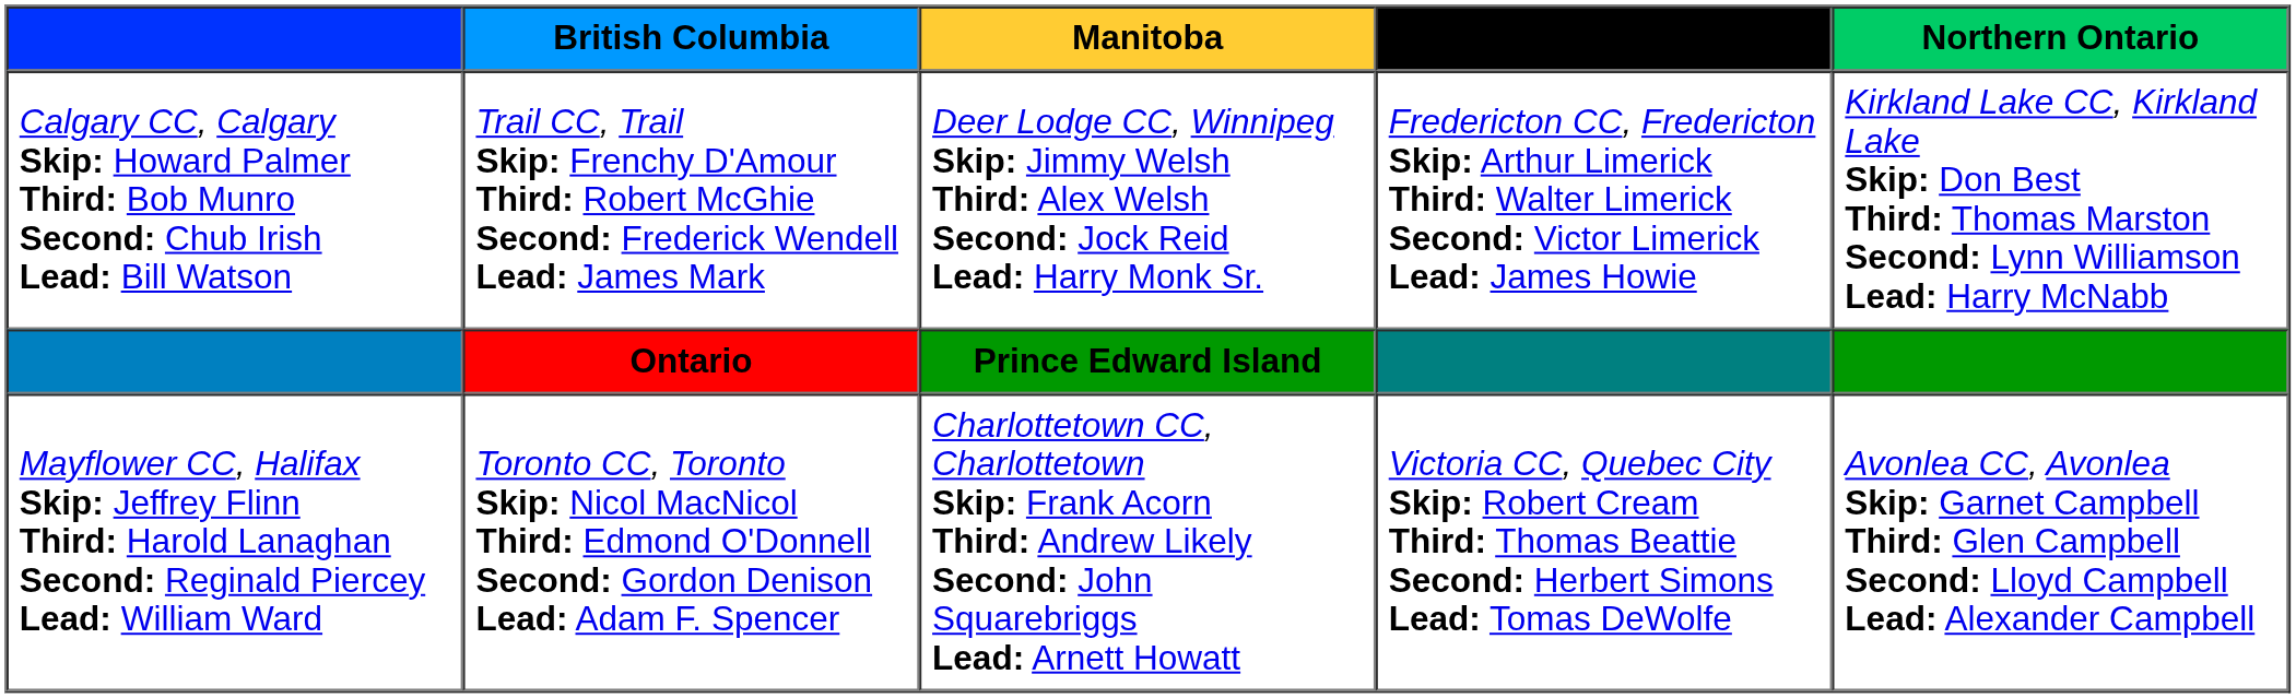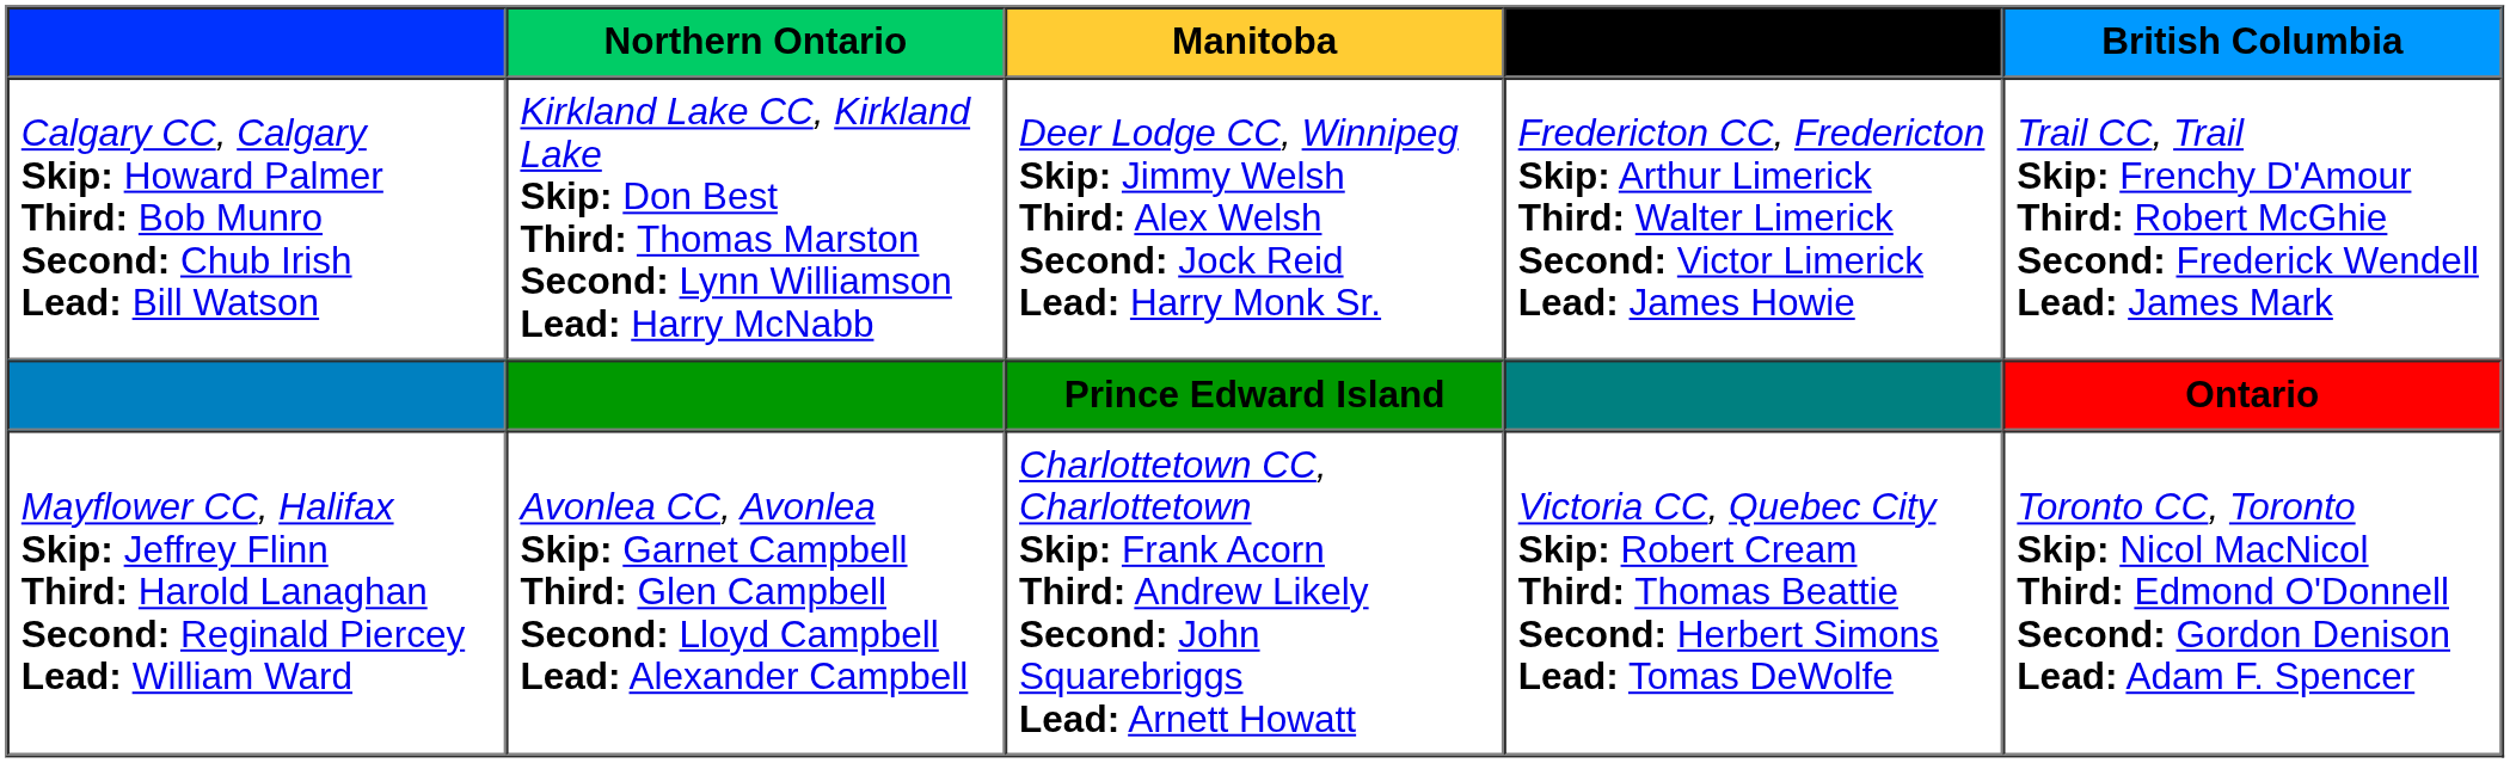 <table - border=1 cellpadding=5 cellspacing=0>
 <tr>
 <th bgcolor=#0033FF width=200></th>
-<th style="background:#09f; width:200px;">British Columbia</th>
+<th style="background:#0c6; width:200px;">Northern Ontario</th>
 <th style="background:#FFCC33; width:200px;">Manitoba</th>
 <th bgcolor=#000000 width=200></th>
-<th style="background:#0c6; width:200px;">Northern Ontario</th>
+<th style="background:#09f; width:200px;">British Columbia</th>
 </tr>
 <tr>
 <td><em><a href='#'>Calgary CC</a>, <a href='#'>Calgary</a></em><br><strong>Skip:</strong> <a href='#'>Howard Palmer</a><br> <strong>Third:</strong> <a href='#'>Bob Munro</a><br> <strong>Second:</strong> <a href='#'>Chub Irish</a><br> <strong>Lead:</strong> <a href='#'>Bill Watson</a></td>
-<td><em><a href='#'>Trail CC</a>, <a href='#'>Trail</a></em><br><strong>Skip:</strong> <a href='#'>Frenchy D'Amour</a><br> <strong>Third:</strong> <a href='#'>Robert McGhie</a><br> <strong>Second:</strong> <a href='#'>Frederick Wendell</a><br> <strong>Lead:</strong> <a href='#'>James Mark</a></td>
+<td><em><a href='#'>Kirkland Lake CC</a>, <a href='#'>Kirkland Lake</a></em><br><strong>Skip:</strong> <a href='#'>Don Best</a><br> <strong>Third:</strong> <a href='#'>Thomas Marston</a><br> <strong>Second:</strong> <a href='#'>Lynn Williamson</a><br> <strong>Lead:</strong> <a href='#'>Harry McNabb</a></td>
 <td><em><a href='#'>Deer Lodge CC</a>, <a href='#'>Winnipeg</a></em><br><strong>Skip:</strong> <a href='#'>Jimmy Welsh</a><br> <strong>Third:</strong> <a href='#'>Alex Welsh</a><br> <strong>Second:</strong> <a href='#'>Jock Reid</a><br> <strong>Lead:</strong> <a href='#'>Harry Monk Sr.</a></td>
 <td><em><a href='#'>Fredericton CC</a>, <a href='#'>Fredericton</a></em><br><strong>Skip:</strong> <a href='#'>Arthur Limerick</a><br> <strong>Third:</strong> <a href='#'>Walter Limerick</a><br> <strong>Second:</strong> <a href='#'>Victor Limerick</a><br> <strong>Lead:</strong> <a href='#'>James Howie</a></td>
-<td><em><a href='#'>Kirkland Lake CC</a>, <a href='#'>Kirkland Lake</a></em><br><strong>Skip:</strong> <a href='#'>Don Best</a><br> <strong>Third:</strong> <a href='#'>Thomas Marston</a><br> <strong>Second:</strong> <a href='#'>Lynn Williamson</a><br> <strong>Lead:</strong> <a href='#'>Harry McNabb</a></td>
+<td><em><a href='#'>Trail CC</a>, <a href='#'>Trail</a></em><br><strong>Skip:</strong> <a href='#'>Frenchy D'Amour</a><br> <strong>Third:</strong> <a href='#'>Robert McGhie</a><br> <strong>Second:</strong> <a href='#'>Frederick Wendell</a><br> <strong>Lead:</strong> <a href='#'>James Mark</a></td>
 </tr>
 <tr border=1 cellpadding=5 cellspacing=0>
 <th bgcolor=#0080C0 width=200></th>
-<th bgcolor=#FF0000 width=200>Ontario</th>
+<th bgcolor=#009900 width=200></th>
 <th style="background:#090; width:200px;">Prince Edward Island</th>
 <th style="background:#008080; width:200px;"></th>
-<th bgcolor=#009900 width=200></th>
+<th bgcolor=#FF0000 width=200>Ontario</th>
 </tr>
 <tr>
 <td><em><a href='#'>Mayflower CC</a>, <a href='#'>Halifax</a></em><br><strong>Skip:</strong> <a href='#'>Jeffrey Flinn</a><br> <strong>Third:</strong> <a href='#'>Harold Lanaghan</a><br> <strong>Second:</strong> <a href='#'>Reginald Piercey</a><br> <strong>Lead:</strong> <a href='#'>William Ward</a></td>
-<td><em><a href='#'>Toronto CC</a>, <a href='#'>Toronto</a></em><br><strong>Skip:</strong> <a href='#'>Nicol MacNicol</a><br> <strong>Third:</strong> <a href='#'>Edmond O'Donnell</a><br> <strong>Second:</strong> <a href='#'>Gordon Denison</a><br> <strong>Lead:</strong> <a href='#'>Adam F. Spencer</a></td>
+<td><em><a href='#'>Avonlea CC</a>, <a href='#'>Avonlea</a></em><br><strong>Skip:</strong> <a href='#'>Garnet Campbell</a><br> <strong>Third:</strong> <a href='#'>Glen Campbell</a><br> <strong>Second:</strong> <a href='#'>Lloyd Campbell</a><br> <strong>Lead:</strong> <a href='#'>Alexander Campbell</a></td>
 <td><em><a href='#'>Charlottetown CC</a>, <a href='#'>Charlottetown</a></em><br><strong>Skip:</strong> <a href='#'>Frank Acorn</a><br> <strong>Third:</strong> <a href='#'>Andrew Likely</a><br> <strong>Second:</strong> <a href='#'>John Squarebriggs</a><br> <strong>Lead:</strong> <a href='#'>Arnett Howatt</a></td>
 <td><em><a href='#'>Victoria CC</a>, <a href='#'>Quebec City</a></em><br><strong>Skip:</strong> <a href='#'>Robert Cream</a><br> <strong>Third:</strong> <a href='#'>Thomas Beattie</a><br> <strong>Second:</strong> <a href='#'>Herbert Simons</a><br> <strong>Lead:</strong> <a href='#'>Tomas DeWolfe</a></td>
-<td><em><a href='#'>Avonlea CC</a>, <a href='#'>Avonlea</a></em><br><strong>Skip:</strong> <a href='#'>Garnet Campbell</a><br> <strong>Third:</strong> <a href='#'>Glen Campbell</a><br> <strong>Second:</strong> <a href='#'>Lloyd Campbell</a><br> <strong>Lead:</strong> <a href='#'>Alexander Campbell</a></td>
+<td><em><a href='#'>Toronto CC</a>, <a href='#'>Toronto</a></em><br><strong>Skip:</strong> <a href='#'>Nicol MacNicol</a><br> <strong>Third:</strong> <a href='#'>Edmond O'Donnell</a><br> <strong>Second:</strong> <a href='#'>Gordon Denison</a><br> <strong>Lead:</strong> <a href='#'>Adam F. Spencer</a></td>
 </tr>
 </table>
